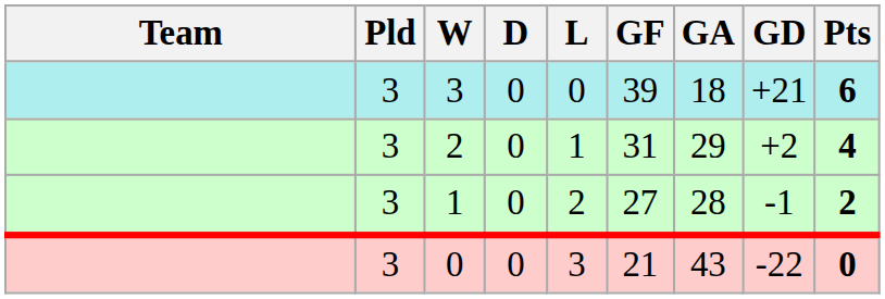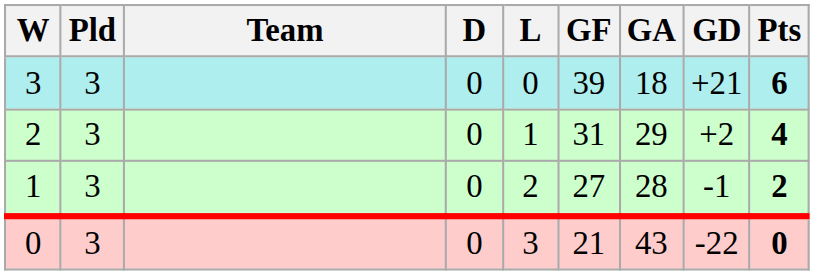 <table class="wikitable" style="text-align:center;">
 <tr>
+<th width=20>W</th>
+<th width=20>Pld</th>
 <th width=150>Team</th>
-<th width=20>Pld</th>
-<th width=20>W</th>
 <th width=20>D</th>
 <th width=20>L</th>
 <th width=20>GF</th>
 <th width=20>GA</th>
 <th width=20>GD</th>
 <th width=20>Pts</th>
 </tr>
 <tr bgcolor="#afeeee">
-<td align="left"></td>
 <td>3</td>
 <td>3</td>
+<td align="left"></td>
 <td>0</td>
 <td>0</td>
 <td>39</td>
 <td>18</td>
 <td>+21</td>
 <td><strong>6</strong></td>
 </tr>
 <tr bgcolor="#ccffcc">
+<td>2</td>
+<td>3</td>
 <td align="left"></td>
-<td>3</td>
-<td>2</td>
 <td>0</td>
 <td>1</td>
 <td>31</td>
 <td>29</td>
 <td>+2</td>
 <td><strong>4</strong></td>
 </tr>
 <tr bgcolor="#ccffcc" style ="border-bottom:3px solid red;">
+<td>1</td>
+<td>3</td>
 <td align="left"></td>
-<td>3</td>
-<td>1</td>
 <td>0</td>
 <td>2</td>
 <td>27</td>
 <td>28</td>
 <td>-1</td>
 <td><strong>2</strong></td>
 </tr>
 <tr bgcolor="#ffcccc">
+<td>0</td>
+<td>3</td>
 <td align="left"></td>
-<td>3</td>
-<td>0</td>
 <td>0</td>
 <td>3</td>
 <td>21</td>
 <td>43</td>
 <td>-22</td>
 <td><strong>0</strong></td>
 </tr>
 </table>
